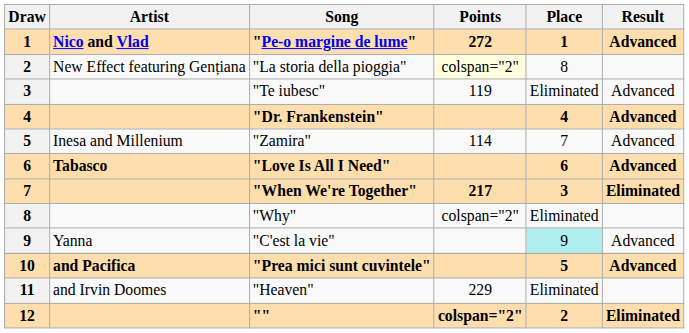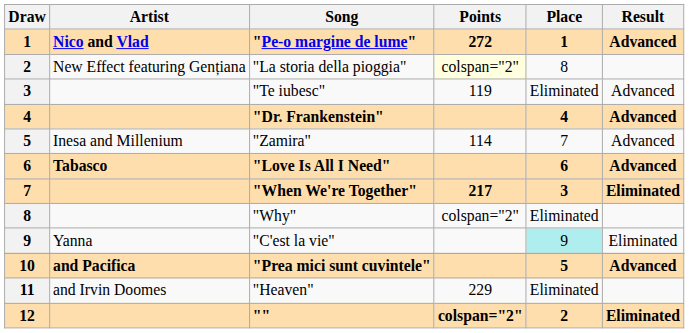 <table class="wikitable sortable plainrowheaders" style="margin: 1em auto 1em auto; text-align:center">
 <tr>
 <th scope="col">Draw</th>
 <th scope="col">Artist</th>
 <th scope="col">Song</th>
 <th scope="col">Points</th>
 <th scope="col">Place</th>
 <th scope="col">Result</th>
 </tr>
 <tr style="font-weight:bold; background:navajowhite;">
 <th scope="row" style="text-align:center; font-weight:bold; background:navajowhite;">1</th>
 <td style="text-align:left;"><a href='#'>Nico</a> and <a href='#'>Vlad</a></td>
 <td style="text-align:left;">"<a href='#'>Pe-o margine de lume</a>"</td>
 <td>272</td>
 <td>1</td>
 <td>Advanced</td>
 </tr>
 <tr>
 <th scope="row" style="text-align:center;">2</th>
 <td style="text-align:left;">New Effect featuring Gențiana</td>
 <td style="text-align:left;">"La storia della pioggia"</td>
 <td style="background: lightyellow;">colspan="2" </td>
 <td>8</td>
 </tr>
 <tr>
 <th scope="row" style="text-align:center;">3</th>
 <td style="text-align:left;"></td>
 <td style="text-align:left;">"Te iubesc"</td>
 <td>119</td>
 <td>Eliminated</td>
 <td>Advanced</td>
 </tr>
 <tr style="background:navajowhite;">
 <th scope="row" style="text-align:center; font-weight:bold; background:navajowhite;">4</th>
 <td style="text-align:left;"><strong></strong></td>
 <td style="text-align:left;"><strong>"Dr. Frankenstein"</strong></td>
 <td></td>
 <td><strong>4</strong></td>
 <td><strong>Advanced</strong></td>
 </tr>
 <tr>
 <th scope="row" style="text-align:center;">5</th>
 <td style="text-align:left;">Inesa and Millenium</td>
 <td style="text-align:left;">"Zamira"</td>
 <td>114</td>
 <td>7</td>
 <td>Advanced</td>
 </tr>
 <tr style="background:navajowhite;">
 <th scope="row" style="text-align:center; font-weight:bold; background:navajowhite;">6</th>
 <td style="text-align:left;"><strong>Tabasco</strong></td>
 <td style="text-align:left;"><strong>"Love Is All I Need"</strong></td>
 <td></td>
 <td><strong>6</strong></td>
 <td><strong>Advanced</strong></td>
 </tr>
 <tr style="font-weight:bold; background:navajowhite;">
 <th scope="row" style="text-align:center; font-weight:bold; background:navajowhite;">7</th>
 <td style="text-align:left;"></td>
 <td style="text-align:left;">"When We're Together"</td>
 <td>217</td>
 <td>3</td>
 <td>Eliminated</td>
 </tr>
 <tr>
 <th scope="row" style="text-align:center;">8</th>
 <td style="text-align:left;"></td>
 <td style="text-align:left;">"Why"</td>
 <td>colspan="2" </td>
 <td>Eliminated</td>
 </tr>
 <tr>
 <th scope="row" style="text-align:center;">9</th>
 <td style="text-align:left;">Yanna</td>
 <td style="text-align:left;">"C'est la vie"</td>
 <td></td>
 <td style="background: paleturquoise;">9</td>
-<td>Advanced</td>
+<td>Eliminated</td>
 </tr>
 <tr>
 </tr>
 <tr style="background:navajowhite;">
 <th scope="row" style="text-align:center; font-weight:bold; background:navajowhite;">10</th>
 <td style="text-align:left;"><strong> and Pacifica</strong></td>
 <td style="text-align:left;"><strong>"Prea mici sunt cuvintele"</strong></td>
 <td></td>
 <td><strong>5</strong></td>
 <td><strong>Advanced</strong></td>
 </tr>
 <tr>
 <th scope="row" style="text-align:center;">11</th>
 <td style="text-align:left;"> and Irvin Doomes</td>
 <td style="text-align:left;">"Heaven"</td>
 <td>229</td>
 <td>Eliminated</td>
 </tr>
 <tr style="font-weight:bold; background:navajowhite;">
 <th scope="row" style="text-align:center; font-weight:bold; background:navajowhite;">12</th>
 <td style="text-align:left;"></td>
 <td style="text-align:left;">""</td>
 <td>colspan="2" </td>
 <td>2</td>
 <td>Eliminated</td>
 </tr>
 </table>
